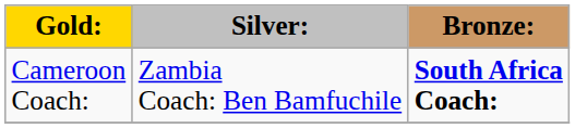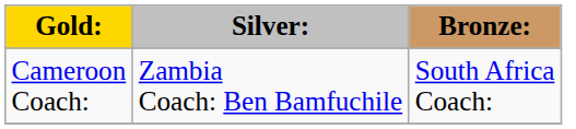 <table class="wikitable">
 <tr>
 <th style="background:gold">Gold:</th>
 <th style="background:silver">Silver:</th>
 <th style="background:#CC9966">Bronze:</th>
 </tr>
 <tr valign=top>
 <td> <a href='#'>Cameroon</a><br>Coach:</td>
 <td> <a href='#'>Zambia</a><br>Coach: <a href='#'>Ben Bamfuchile</a></td>
-<td><strong> <a href='#'>South Africa</a><br>Coach:</strong></td>
+<td> <a href='#'>South Africa</a><br>Coach:</td>
 </tr>
 <tr>
 </tr>
 </table>
